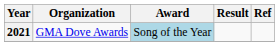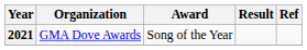 <table class="wikitable plainrowheaders">
 <tr>
 <th>Year</th>
 <th>Organization</th>
 <th>Award</th>
 <th>Result</th>
 <th>Ref</th>
 </tr>
 <tr>
 <th scope="row">2021</th>
 <td><a href='#'>GMA Dove Awards</a></td>
-<td style="background: lightblue;">Song of the Year</td>
+<td>Song of the Year</td>
 <td></td>
 <td></td>
 </tr>
 <tr>
 </tr>
 </table>
